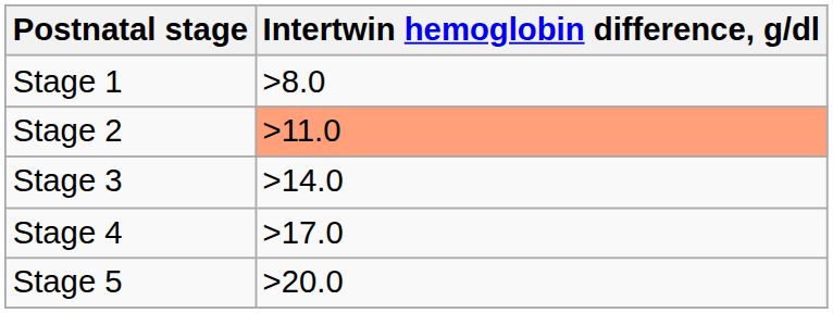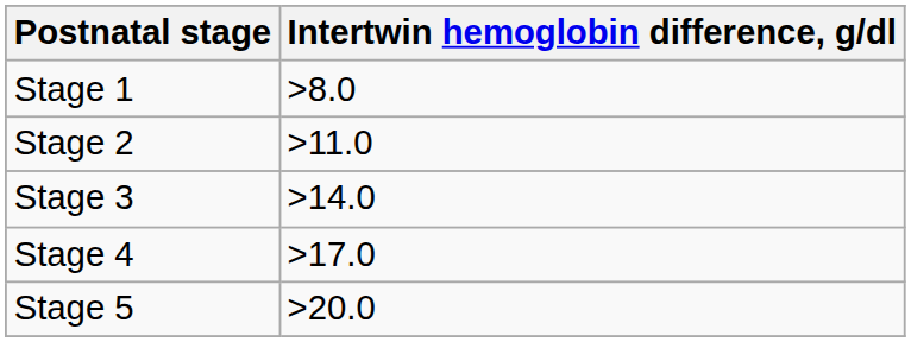 <table class="wikitable">
 <tr>
 <th>Postnatal stage</th>
 <th>Intertwin <a href='#'>hemoglobin</a> difference, g/dl</th>
 </tr>
 <tr>
 <td>Stage 1</td>
 <td>>8.0</td>
 </tr>
 <tr>
 <td>Stage 2</td>
-<td style="background: lightsalmon;">>11.0</td>
+<td>>11.0</td>
 </tr>
 <tr>
 <td>Stage 3</td>
 <td>>14.0</td>
 </tr>
 <tr>
 <td>Stage 4</td>
 <td>>17.0</td>
 </tr>
 <tr>
 <td>Stage 5</td>
 <td>>20.0</td>
 </tr>
 </table>
